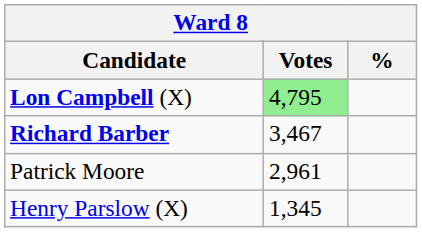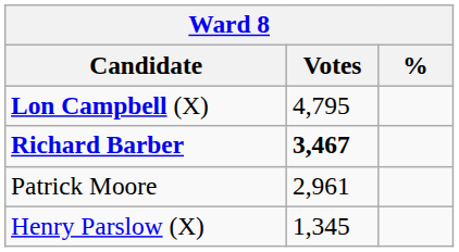 <table class="wikitable">
 <tr>
 <th colspan="3"><a href='#'>Ward 8</a></th>
 </tr>
 <tr>
 <th style="width: 170px">Candidate</th>
 <th style="width: 50px">Votes</th>
 <th style="width: 40px">%</th>
 </tr>
 <tr>
 <td><strong><a href='#'>Lon Campbell</a></strong> (X)</td>
-<td style="background: lightgreen;">4,795</td>
+<td>4,795</td>
 <td></td>
 </tr>
 <tr>
 <td><strong><a href='#'>Richard Barber</a></strong></td>
-<td>3,467</td>
+<td><strong>3,467</strong></td>
 <td></td>
 </tr>
 <tr>
 <td>Patrick Moore</td>
 <td>2,961</td>
 <td></td>
 </tr>
 <tr>
 <td><a href='#'>Henry Parslow</a> (X)</td>
 <td>1,345</td>
 <td></td>
 </tr>
 </table>
